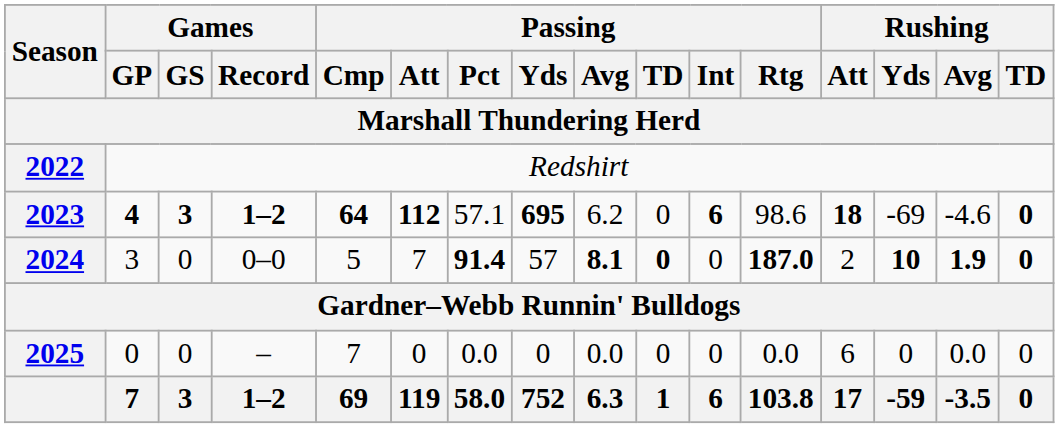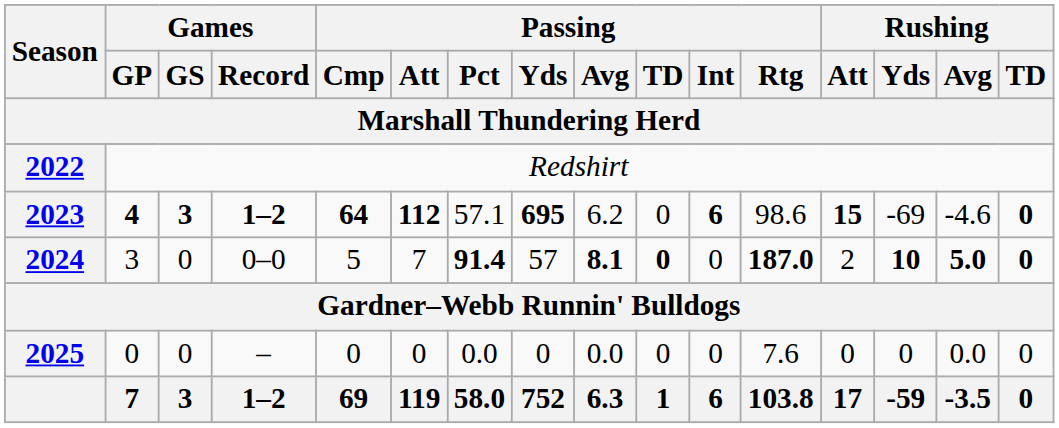 <table class="wikitable" style="text-align:center;">
 <tr>
 <th rowspan="2">Season</th>
 <th colspan="3">Games</th>
 <th colspan="8">Passing</th>
 <th colspan="5">Rushing</th>
 </tr>
 <tr>
 <th>GP</th>
 <th>GS</th>
 <th>Record</th>
 <th>Cmp</th>
 <th>Att</th>
 <th>Pct</th>
 <th>Yds</th>
 <th>Avg</th>
 <th>TD</th>
 <th>Int</th>
 <th>Rtg</th>
 <th>Att</th>
 <th>Yds</th>
 <th>Avg</th>
 <th>TD</th>
 </tr>
 <tr>
 <th colspan="16">Marshall Thundering Herd</th>
 </tr>
 <tr>
 <th><a href='#'>2022</a></th>
 <td colspan="15"><em>Redshirt </em></td>
 </tr>
 <tr>
 <th><a href='#'>2023</a></th>
 <td><strong>4</strong></td>
 <td><strong>3</strong></td>
 <td><strong>1–2</strong></td>
 <td><strong>64</strong></td>
 <td><strong>112</strong></td>
 <td>57.1</td>
 <td><strong>695</strong></td>
 <td>6.2</td>
 <td>0</td>
 <td><strong>6</strong></td>
 <td>98.6</td>
-<td><strong>18</strong></td>
+<td><strong>15</strong></td>
 <td>-69</td>
 <td>-4.6</td>
 <td><strong>0</strong></td>
 </tr>
 <tr>
 <th><a href='#'>2024</a></th>
 <td>3</td>
 <td>0</td>
 <td>0–0</td>
 <td>5</td>
 <td>7</td>
 <td><strong>91.4</strong></td>
 <td>57</td>
 <td><strong>8.1</strong></td>
 <td><strong>0</strong></td>
 <td>0</td>
 <td><strong>187.0</strong></td>
 <td>2</td>
 <td><strong>10</strong></td>
-<td><strong>1.9</strong></td>
+<td><strong>5.0</strong></td>
 <td><strong>0</strong></td>
 </tr>
 <tr>
 <th colspan="16">Gardner–Webb Runnin' Bulldogs</th>
 </tr>
 <tr>
 <th><a href='#'>2025</a></th>
 <td>0</td>
 <td>0</td>
 <td>–</td>
-<td>7</td>
+<td>0</td>
 <td>0</td>
 <td>0.0</td>
 <td>0</td>
 <td>0.0</td>
 <td>0</td>
 <td>0</td>
-<td>0.0</td>
-<td>6</td>
+<td>7.6</td>
+<td>0</td>
 <td>0</td>
 <td>0.0</td>
 <td>0</td>
 </tr>
 <tr>
 <th></th>
 <th>7</th>
 <th>3</th>
 <th>1–2</th>
 <th>69</th>
 <th>119</th>
 <th>58.0</th>
 <th>752</th>
 <th>6.3</th>
 <th>1</th>
 <th>6</th>
 <th>103.8</th>
 <th>17</th>
 <th>-59</th>
 <th>-3.5</th>
 <th>0</th>
 </tr>
 </table>
